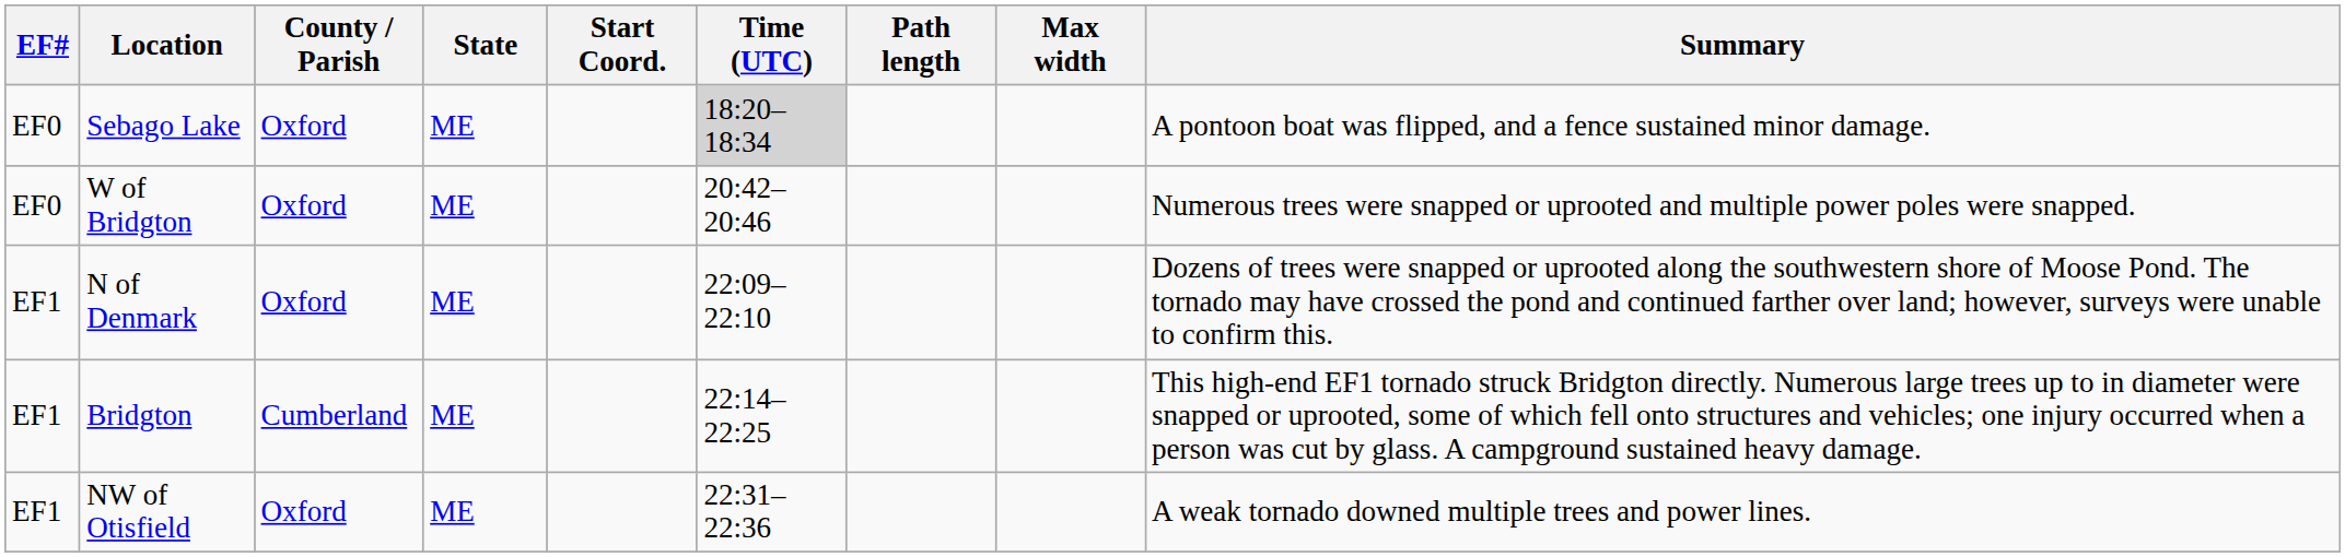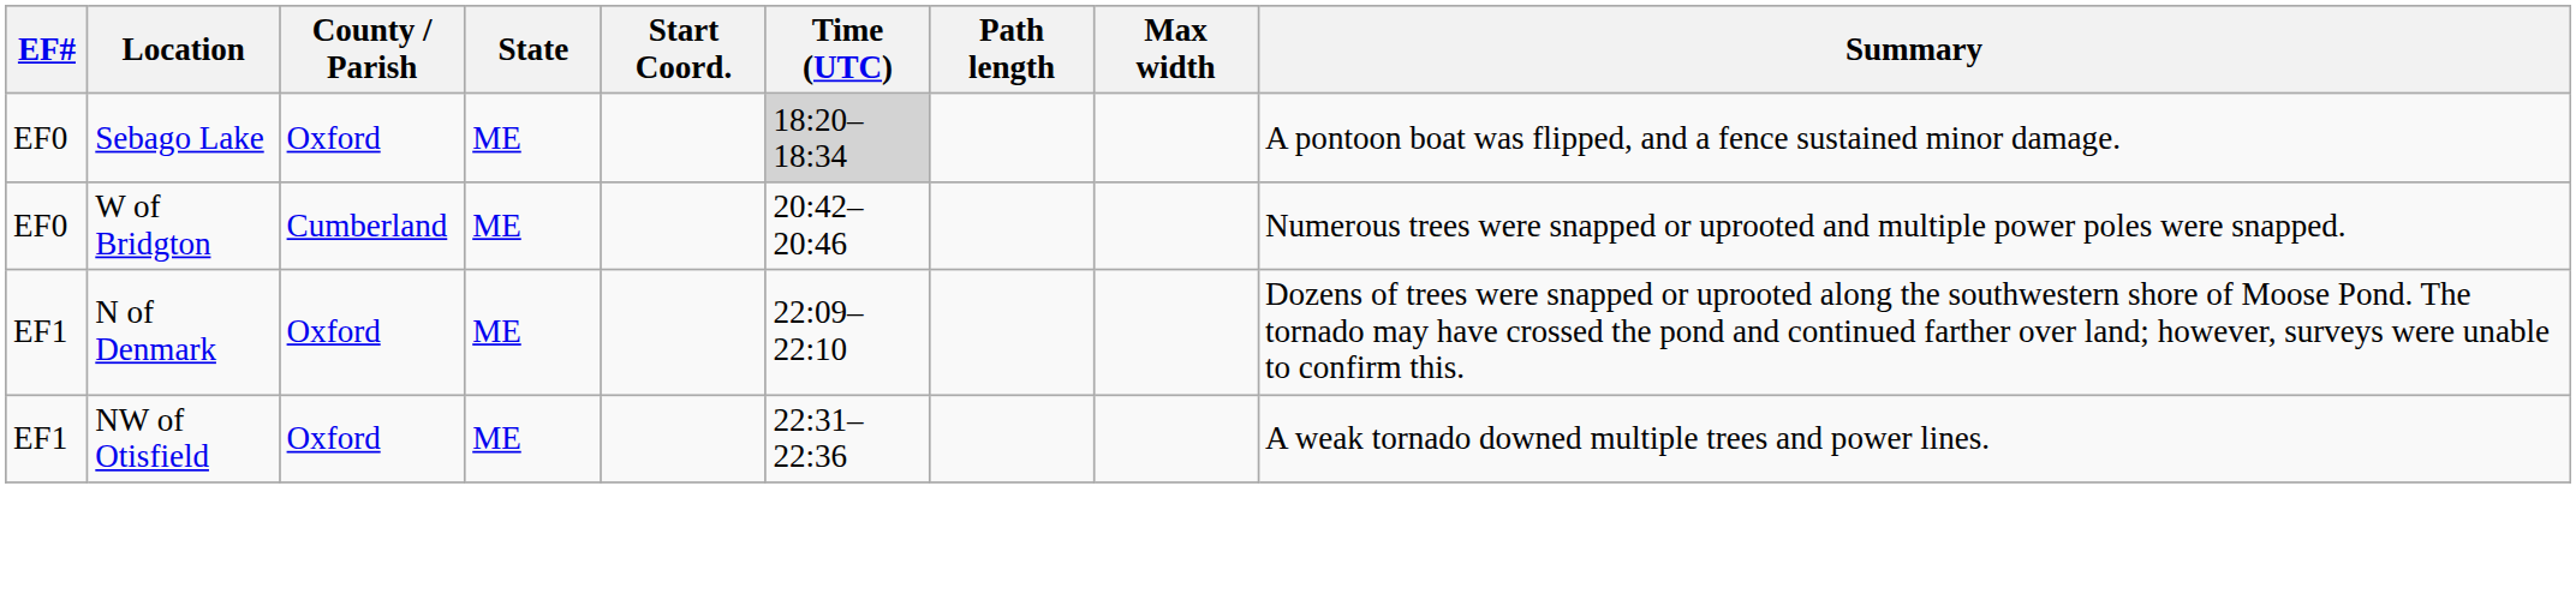 <table class="wikitable sortable" style="width:100%;">
 <tr>
 <th scope="col"  style="width:3%; text-align:center;"><a href='#'>EF#</a></th>
 <th scope="col"  style="width:7%; text-align:center;" class="unsortable">Location</th>
 <th scope="col"  style="width:6%; text-align:center;" class="unsortable">County / Parish</th>
 <th scope="col"  style="width:5%; text-align:center;">State</th>
 <th scope="col"  style="width:6%; text-align:center;">Start Coord.</th>
 <th scope="col"  style="width:6%; text-align:center;">Time (<a href='#'>UTC</a>)</th>
 <th scope="col"  style="width:6%; text-align:center;">Path length</th>
 <th scope="col"  style="width:6%; text-align:center;">Max width</th>
 <th scope="col" class="unsortable" style="width:48%; text-align:center;">Summary</th>
 </tr>
 <tr>
 <td>EF0</td>
 <td><a href='#'>Sebago Lake</a></td>
 <td><a href='#'>Oxford</a></td>
 <td><a href='#'>ME</a></td>
 <td></td>
 <td style="background: lightgrey;">18:20–18:34</td>
 <td></td>
 <td></td>
 <td>A pontoon boat was flipped, and a fence sustained minor damage.</td>
 </tr>
 <tr>
 <td>EF0</td>
 <td>W of <a href='#'>Bridgton</a></td>
-<td><a href='#'>Oxford</a></td>
+<td><a href='#'>Cumberland</a></td>
 <td><a href='#'>ME</a></td>
 <td></td>
 <td>20:42–20:46</td>
 <td></td>
 <td></td>
 <td>Numerous trees were snapped or uprooted and multiple power poles were snapped.</td>
 </tr>
 <tr>
 <td>EF1</td>
 <td>N of <a href='#'>Denmark</a></td>
 <td><a href='#'>Oxford</a></td>
 <td><a href='#'>ME</a></td>
 <td></td>
 <td>22:09–22:10</td>
 <td></td>
 <td></td>
 <td>Dozens of trees were snapped or uprooted along the southwestern shore of Moose Pond. The tornado may have crossed the pond and continued farther over land; however, surveys were unable to confirm this.</td>
 </tr>
 <tr>
 <td>EF1</td>
-<td><a href='#'>Bridgton</a></td>
-<td><a href='#'>Cumberland</a></td>
-<td><a href='#'>ME</a></td>
-<td></td>
-<td>22:14–22:25</td>
-<td></td>
-<td></td>
-<td>This high-end EF1 tornado struck Bridgton directly. Numerous large trees up to  in diameter were snapped or uprooted, some of which fell onto structures and vehicles; one injury occurred when a person was cut by glass. A campground sustained heavy damage.</td>
-</tr>
-<tr>
-<td>EF1</td>
 <td>NW of <a href='#'>Otisfield</a></td>
 <td><a href='#'>Oxford</a></td>
 <td><a href='#'>ME</a></td>
 <td></td>
 <td>22:31–22:36</td>
 <td></td>
 <td></td>
 <td>A weak tornado downed multiple trees and power lines.</td>
 </tr>
 </table>
